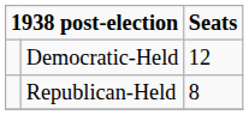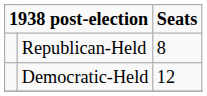 <table class= "wikitable">
 <tr>
 <td colspan= "2" rowspan= "1" align= "center" valign= "top"><strong>1938 post-election</strong></td>
 <td valign= "top"><strong>Seats</strong><br></td>
 </tr>
 <tr>
 <td style="background-color:"> </td>
+<td>Republican-Held</td>
+<td>8</td>
+</tr>
+<tr>
+<td style="background-color:"> </td>
 <td>Democratic-Held</td>
 <td>12</td>
 </tr>
 <tr>
-<td style="background-color:"> </td>
-<td>Republican-Held</td>
-<td>8</td>
-</tr>
-<tr>
 </tr>
 </table>
